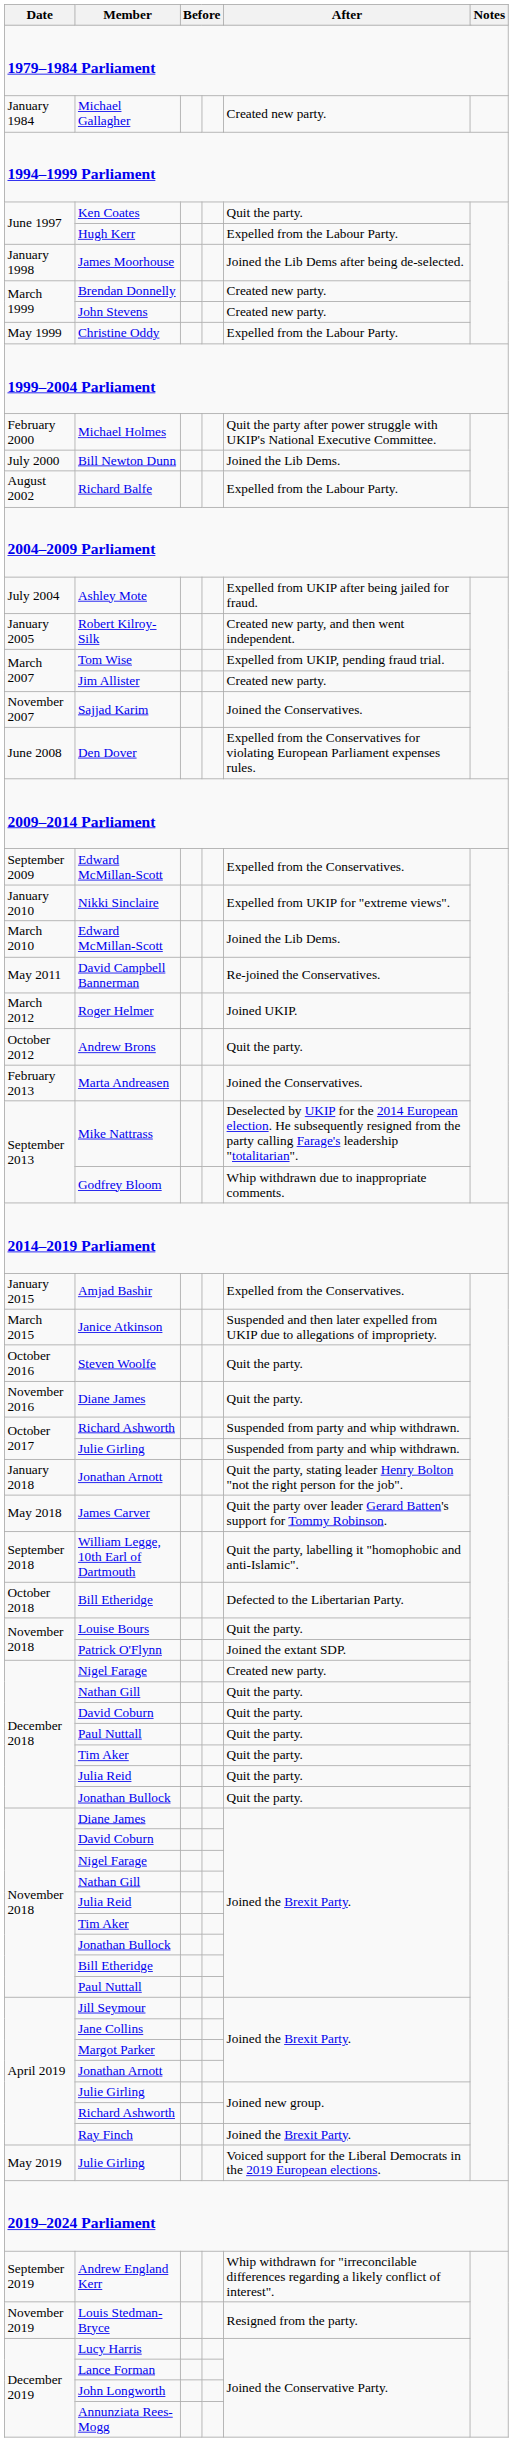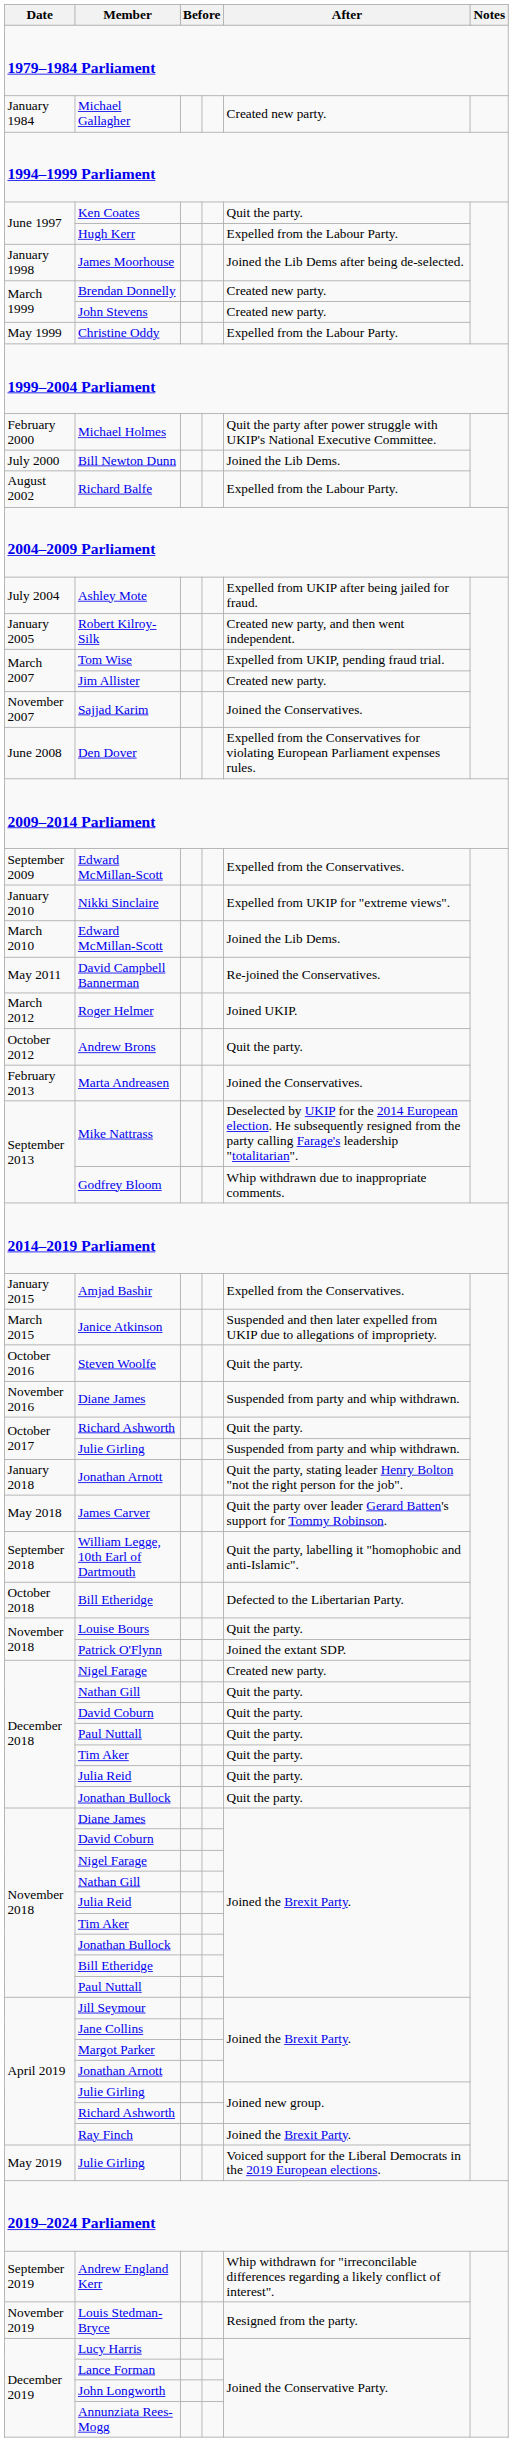 <table class="wikitable">
 <tr style="background:#ccc;">
 <th>Date</th>
 <th>Member</th>
 <th colspan=2>Before</th>
 <th colspan=2>After</th>
 <th>Notes</th>
 </tr>
 <tr>
 <td colspan=7><br><h3><a href='#'>1979–1984 Parliament</a></h3></td>
 </tr>
 <tr>
 <td>January 1984</td>
 <td><a href='#'>Michael Gallagher</a></td>
 <td></td>
 <td></td>
 <td>Created new party.</td>
 </tr>
 <tr>
 <td colspan=7><br><h3><a href='#'>1994–1999 Parliament</a></h3></td>
 </tr>
 <tr>
 <td rowspan="2">June 1997</td>
 <td><a href='#'>Ken Coates</a></td>
 <td></td>
 <td></td>
 <td>Quit the party.</td>
 </tr>
 <tr>
 <td><a href='#'>Hugh Kerr</a></td>
 <td></td>
 <td></td>
 <td>Expelled from the Labour Party.</td>
 </tr>
 <tr>
 <td>January 1998</td>
 <td><a href='#'>James Moorhouse</a></td>
 <td></td>
 <td></td>
 <td>Joined the Lib Dems after being de-selected.</td>
 </tr>
 <tr>
 <td rowspan="2">March 1999</td>
 <td><a href='#'>Brendan Donnelly</a></td>
 <td></td>
 <td></td>
 <td>Created new party.</td>
 </tr>
 <tr>
 <td><a href='#'>John Stevens</a></td>
 <td></td>
 <td></td>
 <td>Created new party.</td>
 </tr>
 <tr>
 <td>May 1999</td>
 <td><a href='#'>Christine Oddy</a></td>
 <td></td>
 <td></td>
 <td>Expelled from the Labour Party.</td>
 </tr>
 <tr>
 <td colspan=7><br><h3><a href='#'>1999–2004 Parliament</a></h3></td>
 </tr>
 <tr>
 <td>February 2000</td>
 <td><a href='#'>Michael Holmes</a></td>
 <td></td>
 <td></td>
 <td>Quit the party after power struggle with UKIP's National Executive Committee.</td>
 </tr>
 <tr>
 <td>July 2000</td>
 <td><a href='#'>Bill Newton Dunn</a></td>
 <td></td>
 <td></td>
 <td>Joined the Lib Dems.</td>
 </tr>
 <tr>
 <td>August 2002</td>
 <td><a href='#'>Richard Balfe</a></td>
 <td></td>
 <td></td>
 <td>Expelled from the Labour Party.</td>
 </tr>
 <tr>
 <td colspan=7><br><h3><a href='#'>2004–2009 Parliament</a></h3></td>
 </tr>
 <tr>
 <td>July 2004</td>
 <td><a href='#'>Ashley Mote</a></td>
 <td></td>
 <td></td>
 <td>Expelled from UKIP after being jailed for fraud.</td>
 </tr>
 <tr>
 <td>January 2005</td>
 <td><a href='#'>Robert Kilroy-Silk</a></td>
 <td></td>
 <td></td>
 <td>Created new party, and then went independent.</td>
 </tr>
 <tr>
 <td rowspan="2">March 2007</td>
 <td><a href='#'>Tom Wise</a></td>
 <td></td>
 <td></td>
 <td>Expelled from UKIP, pending fraud trial.</td>
 </tr>
 <tr>
 <td><a href='#'>Jim Allister</a></td>
 <td></td>
 <td></td>
 <td>Created new party.</td>
 </tr>
 <tr>
 <td>November 2007</td>
 <td><a href='#'>Sajjad Karim</a></td>
 <td></td>
 <td></td>
 <td>Joined the Conservatives.</td>
 </tr>
 <tr>
 <td>June 2008</td>
 <td><a href='#'>Den Dover</a></td>
 <td></td>
 <td></td>
 <td>Expelled from the Conservatives for violating European Parliament expenses rules.</td>
 </tr>
 <tr>
 <td colspan=7><br><h3><a href='#'>2009–2014 Parliament</a></h3></td>
 </tr>
 <tr>
 <td>September 2009</td>
 <td><a href='#'>Edward McMillan-Scott</a></td>
 <td></td>
 <td></td>
 <td>Expelled from the Conservatives.</td>
 </tr>
 <tr>
 <td>January 2010</td>
 <td><a href='#'>Nikki Sinclaire</a></td>
 <td></td>
 <td></td>
 <td>Expelled from UKIP for "extreme views".</td>
 </tr>
 <tr>
 <td>March 2010</td>
 <td><a href='#'>Edward McMillan-Scott</a></td>
 <td></td>
 <td></td>
 <td>Joined the Lib Dems.</td>
 </tr>
 <tr>
 <td>May 2011</td>
 <td><a href='#'>David Campbell Bannerman</a></td>
 <td></td>
 <td></td>
 <td>Re-joined the Conservatives.</td>
 </tr>
 <tr>
 <td>March 2012</td>
 <td><a href='#'>Roger Helmer</a></td>
 <td></td>
 <td></td>
 <td>Joined UKIP.</td>
 </tr>
 <tr>
 <td>October 2012</td>
 <td><a href='#'>Andrew Brons</a></td>
 <td></td>
 <td></td>
 <td>Quit the party.</td>
 </tr>
 <tr>
 <td>February 2013</td>
 <td><a href='#'>Marta Andreasen</a></td>
 <td></td>
 <td></td>
 <td>Joined the Conservatives.</td>
 </tr>
 <tr>
 <td rowspan="2">September 2013</td>
 <td><a href='#'>Mike Nattrass</a></td>
 <td></td>
 <td></td>
 <td>Deselected by <a href='#'>UKIP</a> for the <a href='#'>2014 European election</a>. He subsequently resigned from the party calling <a href='#'>Farage's</a> leadership "<a href='#'>totalitarian</a>".</td>
 </tr>
 <tr>
 <td><a href='#'>Godfrey Bloom</a></td>
 <td></td>
 <td></td>
 <td>Whip withdrawn due to inappropriate comments.</td>
 </tr>
 <tr>
 <td colspan=7><br><h3><a href='#'>2014–2019 Parliament</a></h3></td>
 </tr>
 <tr>
 <td>January 2015</td>
 <td><a href='#'>Amjad Bashir</a></td>
 <td></td>
 <td></td>
 <td>Expelled from the Conservatives.</td>
 </tr>
 <tr>
 <td>March 2015</td>
 <td><a href='#'>Janice Atkinson</a></td>
 <td></td>
 <td></td>
 <td>Suspended and then later expelled from UKIP due to allegations of impropriety.</td>
 </tr>
 <tr>
 <td>October 2016</td>
 <td><a href='#'>Steven Woolfe</a></td>
 <td></td>
 <td></td>
 <td>Quit the party.</td>
 </tr>
 <tr>
 <td>November 2016</td>
 <td><a href='#'>Diane James</a></td>
 <td></td>
 <td></td>
-<td>Quit the party.</td>
+<td>Suspended from party and whip withdrawn.</td>
 </tr>
 <tr>
 <td rowspan="2">October 2017</td>
 <td><a href='#'>Richard Ashworth</a></td>
 <td></td>
 <td></td>
-<td>Suspended from party and whip withdrawn.</td>
+<td>Quit the party.</td>
 </tr>
 <tr>
 <td><a href='#'>Julie Girling</a></td>
 <td></td>
 <td></td>
 <td>Suspended from party and whip withdrawn.</td>
 </tr>
 <tr>
 <td>January 2018</td>
 <td><a href='#'>Jonathan Arnott</a></td>
 <td></td>
 <td></td>
 <td>Quit the party, stating leader <a href='#'>Henry Bolton</a> "not the right person for the job".</td>
 </tr>
 <tr>
 <td>May 2018</td>
 <td><a href='#'>James Carver</a></td>
 <td></td>
 <td></td>
 <td>Quit the party over leader <a href='#'>Gerard Batten</a>'s support for <a href='#'>Tommy Robinson</a>.</td>
 </tr>
 <tr>
 <td>September 2018</td>
 <td><a href='#'>William Legge, 10th Earl of Dartmouth</a></td>
 <td></td>
 <td></td>
 <td>Quit the party, labelling it "homophobic and anti-Islamic".</td>
 </tr>
 <tr>
 <td>October 2018</td>
 <td><a href='#'>Bill Etheridge</a></td>
 <td></td>
 <td></td>
 <td>Defected to the Libertarian Party.</td>
 </tr>
 <tr>
 <td rowspan="2">November 2018</td>
 <td><a href='#'>Louise Bours</a></td>
 <td></td>
 <td></td>
 <td>Quit the party.</td>
 </tr>
 <tr>
 <td><a href='#'>Patrick O'Flynn</a></td>
 <td></td>
 <td></td>
 <td>Joined the extant SDP.</td>
 </tr>
 <tr>
 <td rowspan="7">December 2018</td>
 <td><a href='#'>Nigel Farage</a></td>
 <td></td>
 <td></td>
 <td>Created new party.</td>
 </tr>
 <tr>
 <td><a href='#'>Nathan Gill</a></td>
 <td></td>
 <td></td>
 <td>Quit the party.</td>
 </tr>
 <tr>
 <td><a href='#'>David Coburn</a></td>
 <td></td>
 <td></td>
 <td>Quit the party.</td>
 </tr>
 <tr>
 <td><a href='#'>Paul Nuttall</a></td>
 <td></td>
 <td></td>
 <td>Quit the party.</td>
 </tr>
 <tr>
 <td><a href='#'>Tim Aker</a></td>
 <td></td>
 <td></td>
 <td>Quit the party.</td>
 </tr>
 <tr>
 <td><a href='#'>Julia Reid</a></td>
 <td></td>
 <td></td>
 <td>Quit the party.</td>
 </tr>
 <tr>
 <td><a href='#'>Jonathan Bullock</a></td>
 <td></td>
 <td></td>
 <td>Quit the party.</td>
 </tr>
 <tr>
 <td rowspan="9">November 2018</td>
 <td><a href='#'>Diane James</a></td>
 <td></td>
 <td></td>
 <td rowspan="9">Joined the <a href='#'>Brexit Party</a>.</td>
 </tr>
 <tr>
 <td><a href='#'>David Coburn</a></td>
 <td></td>
 <td></td>
 </tr>
 <tr>
 <td><a href='#'>Nigel Farage</a></td>
 <td></td>
 <td></td>
 </tr>
 <tr>
 <td><a href='#'>Nathan Gill</a></td>
 <td></td>
 <td></td>
 </tr>
 <tr>
 <td><a href='#'>Julia Reid</a></td>
 <td></td>
 <td></td>
 </tr>
 <tr>
 <td><a href='#'>Tim Aker</a></td>
 <td></td>
 <td></td>
 </tr>
 <tr>
 <td><a href='#'>Jonathan Bullock</a></td>
 <td></td>
 <td></td>
 </tr>
 <tr>
 <td><a href='#'>Bill Etheridge</a></td>
 <td></td>
 <td></td>
 </tr>
 <tr>
 <td><a href='#'>Paul Nuttall</a></td>
 <td></td>
 <td></td>
 </tr>
 <tr>
 <td rowspan="7">April 2019</td>
 <td><a href='#'>Jill Seymour</a></td>
 <td></td>
 <td></td>
 <td rowspan="4">Joined the <a href='#'>Brexit Party</a>.</td>
 </tr>
 <tr>
 <td><a href='#'>Jane Collins</a></td>
 <td></td>
 <td></td>
 </tr>
 <tr>
 <td><a href='#'>Margot Parker</a></td>
 <td></td>
 <td></td>
 </tr>
 <tr>
 <td><a href='#'>Jonathan Arnott</a></td>
 <td></td>
 <td></td>
 </tr>
 <tr>
 <td><a href='#'>Julie Girling</a></td>
 <td></td>
 <td></td>
 <td rowspan="2">Joined new group.</td>
 </tr>
 <tr>
 <td><a href='#'>Richard Ashworth</a></td>
 <td></td>
 <td></td>
 </tr>
 <tr>
 <td><a href='#'>Ray Finch</a></td>
 <td></td>
 <td></td>
 <td>Joined the <a href='#'>Brexit Party</a>.</td>
 </tr>
 <tr>
 <td>May 2019</td>
 <td><a href='#'>Julie Girling</a></td>
 <td></td>
 <td></td>
 <td>Voiced support for the Liberal Democrats in the <a href='#'>2019 European elections</a>.</td>
 </tr>
 <tr>
 <td colspan=7><br><h3><a href='#'>2019–2024 Parliament</a></h3></td>
 </tr>
 <tr>
 <td>September 2019</td>
 <td><a href='#'>Andrew England Kerr</a></td>
 <td></td>
 <td></td>
 <td>Whip withdrawn for "irreconcilable differences regarding a likely conflict of interest".</td>
 </tr>
 <tr>
 <td>November 2019</td>
 <td><a href='#'>Louis Stedman-Bryce</a></td>
 <td></td>
 <td></td>
 <td>Resigned from the party.</td>
 </tr>
 <tr>
 <td rowspan="4">December 2019</td>
 <td><a href='#'>Lucy Harris</a></td>
 <td></td>
 <td></td>
 <td rowspan="4">Joined the Conservative Party.</td>
 </tr>
 <tr>
 <td><a href='#'>Lance Forman</a></td>
 <td></td>
 <td></td>
 </tr>
 <tr>
 <td><a href='#'>John Longworth</a></td>
 <td></td>
 <td></td>
 </tr>
 <tr>
 <td><a href='#'>Annunziata Rees-Mogg</a></td>
 <td></td>
 <td></td>
 </tr>
 </table>
